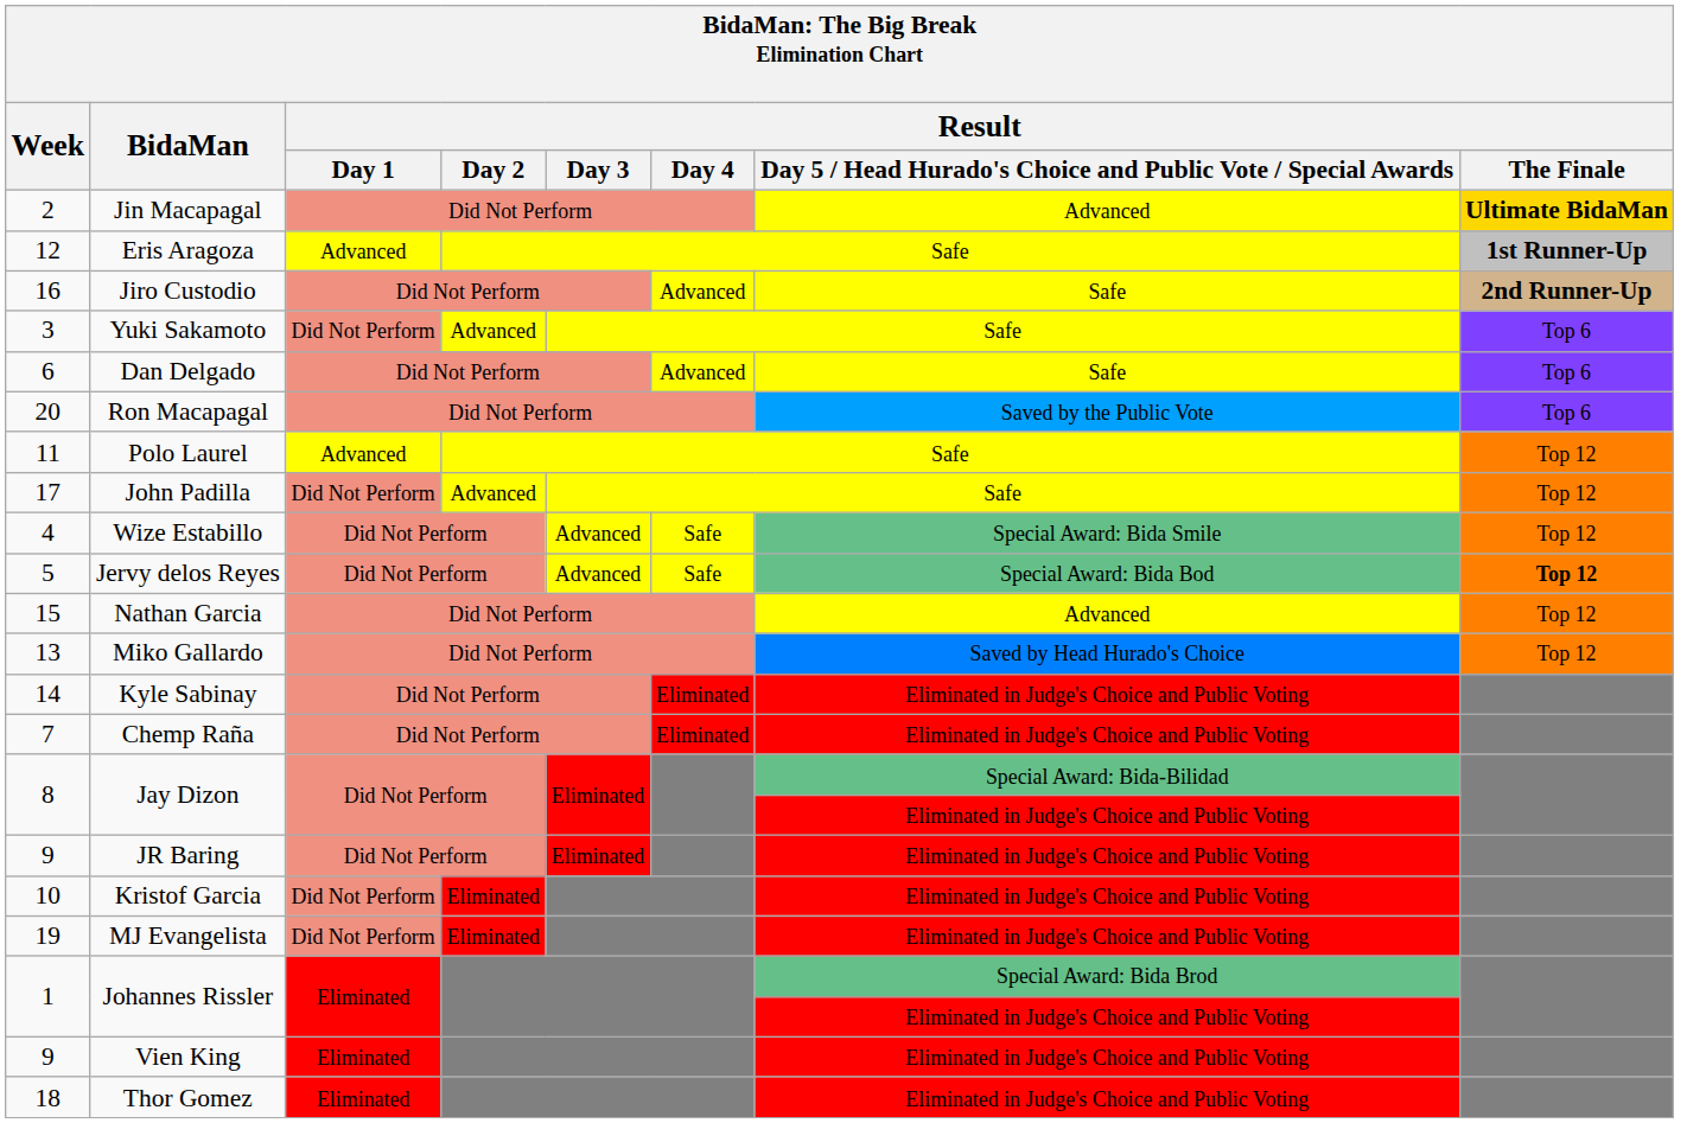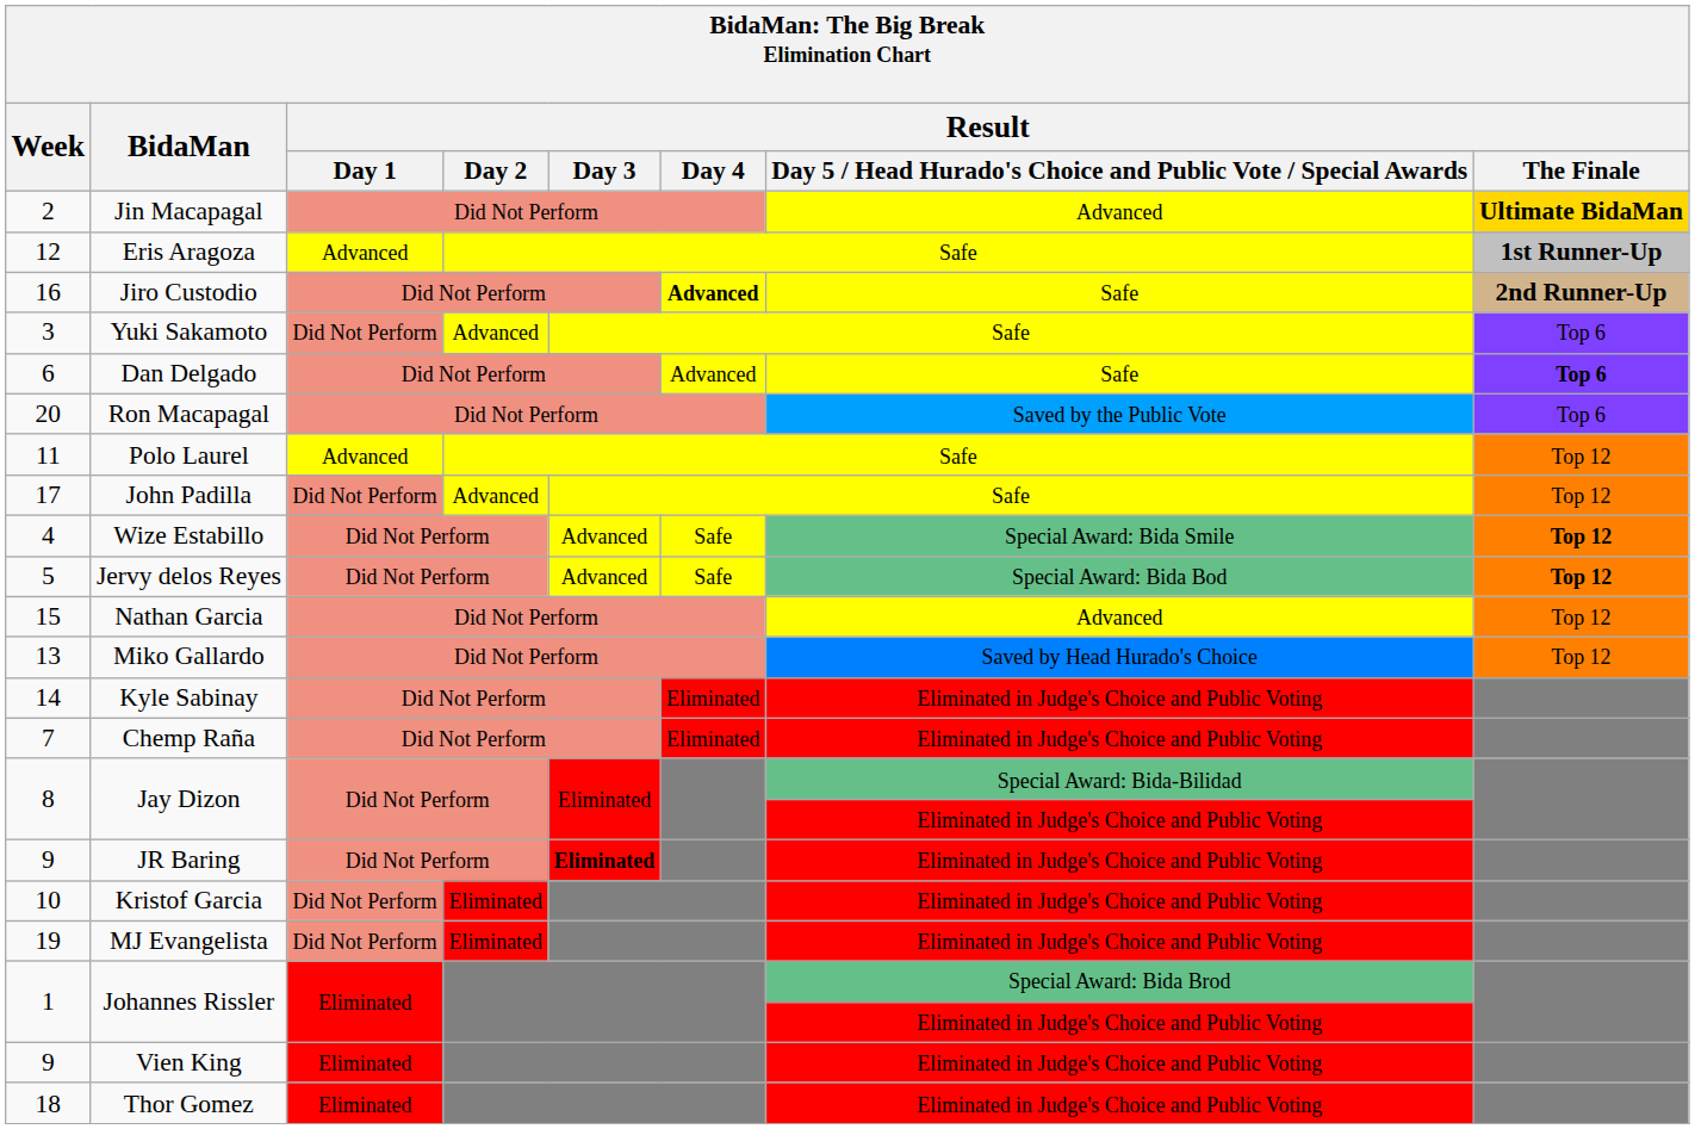 <table class="wikitable" style="text-align:center">
 <tr>
 <th colspan="8">BidaMan: The Big Break<br><small>Elimination Chart</small><br><br>          </th>
 </tr>
 <tr>
 <th rowspan="2"><big>Week</big></th>
 <th rowspan="2"><big>BidaMan</big></th>
 <th colspan="6"><big>Result<br></big></th>
 </tr>
 <tr>
 <th>Day 1</th>
 <th>Day 2</th>
 <th>Day 3</th>
 <th>Day 4</th>
 <th>Day 5 / Head Hurado's Choice and Public Vote / Special Awards</th>
 <th>The Finale</th>
 </tr>
 <tr>
 <td>2</td>
 <td>Jin Macapagal</td>
 <td colspan=4 style=background-color:#f09080><small>Did Not Perform</small></td>
 <td style=background-color:#FFFF00><small>Advanced</small></td>
 <td style=background-color:gold><strong>Ultimate BidaMan</strong></td>
 </tr>
 <tr>
 <td>12</td>
 <td>Eris Aragoza</td>
 <td style=background-color:#FFFF00><small>Advanced</small></td>
 <td colspan=4 style=background-color:#FFFF00><small>Safe</small></td>
 <td style=background-color:silver><strong>1st Runner-Up</strong></td>
 </tr>
 <tr>
 <td>16</td>
 <td>Jiro Custodio</td>
 <td colspan=3 style=background-color:#f09080><small>Did Not Perform</small></td>
-<td style=background-color:#FFFF00><small>Advanced</small></td>
+<td style=background-color:#FFFF00><strong><small>Advanced</small></strong></td>
 <td style=background-color:#FFFF00><small>Safe</small></td>
 <td style=background-color:tan><strong>2nd Runner-Up</strong></td>
 </tr>
 <tr>
 <td>3</td>
 <td>Yuki Sakamoto</td>
 <td colspan=1 style=background-color:#f09080><small>Did Not Perform</small></td>
 <td style=background-color:#FFFF00><small>Advanced</small></td>
 <td colspan=3 style=background-color:#FFFF00><small>Safe</small></td>
 <td style=background-color:#8040FF><small>Top 6</small></td>
 </tr>
 <tr>
 <td>6</td>
 <td>Dan Delgado</td>
 <td colspan=3 style=background-color:#f09080><small>Did Not Perform</small></td>
 <td style=background-color:#FFFF00><small>Advanced</small></td>
 <td style=background-color:#FFFF00><small>Safe</small></td>
-<td style=background-color:#8040FF><small>Top 6</small></td>
+<td style=background-color:#8040FF><strong><small>Top 6</small></strong></td>
 </tr>
 <tr>
 <td>20</td>
 <td>Ron Macapagal</td>
 <td colspan=4 style=background-color:#f09080><small>Did Not Perform</small></td>
 <td style=background-color:#00A0FF><small>Saved by the Public Vote</small></td>
 <td style=background-color:#8040FF><small>Top 6</small></td>
 </tr>
 <tr>
 <td>11</td>
 <td>Polo Laurel</td>
 <td style=background-color:#FFFF00><small>Advanced</small></td>
 <td colspan=4 style=background-color:#FFFF00><small>Safe</small></td>
 <td style=background-color:#FF8000><small>Top 12 </small></td>
 </tr>
 <tr>
 <td>17</td>
 <td>John Padilla</td>
 <td colspan=1 style=background-color:#f09080><small>Did Not Perform</small></td>
 <td style=background-color:#FFFF00><small>Advanced</small></td>
 <td colspan=3 style=background-color:#FFFF00><small>Safe</small></td>
 <td style=background-color:#FF8000><small>Top 12 </small></td>
 </tr>
 <tr>
 <td>4</td>
 <td>Wize Estabillo</td>
 <td colspan=2 style=background-color:#f09080><small>Did Not Perform</small></td>
 <td style=background-color:#FFFF00><small>Advanced</small></td>
 <td style="background-color:#FFFF00"><small>Safe</small></td>
 <td style=background-color:#64c088><small>Special Award: Bida Smile</small></td>
-<td style="background-color:#FF8000"><small>Top 12 </small></td>
+<td style="background-color:#FF8000"><strong><small>Top 12 </small></strong></td>
 </tr>
 <tr>
 <td>5</td>
 <td>Jervy delos Reyes</td>
 <td colspan=2 style=background-color:#f09080><small>Did Not Perform</small></td>
 <td style=background-color:#FFFF00><small>Advanced</small></td>
 <td style="background-color:#FFFF00"><small>Safe</small></td>
 <td style=background-color:#64c088><small>Special Award: Bida Bod</small></td>
 <td style="background-color:#FF8000"><strong><small>Top 12 </small></strong></td>
 </tr>
 <tr>
 <td>15</td>
 <td>Nathan Garcia</td>
 <td colspan=4 style=background-color:#f09080><small>Did Not Perform</small></td>
 <td style=background-color:#FFFF00><small>Advanced</small></td>
 <td style=background-color:#FF8000><small>Top 12 </small></td>
 </tr>
 <tr>
 <td>13</td>
 <td>Miko Gallardo</td>
 <td colspan=4 style=background-color:#f09080><small>Did Not Perform</small></td>
 <td style=background-color:#0080FF><small>Saved by Head Hurado's Choice</small></td>
 <td style=background-color:#FF8000><small>Top 12 </small></td>
 </tr>
 <tr>
 <td>14</td>
 <td>Kyle Sabinay</td>
 <td colspan=3 style=background-color:#f09080><small>Did Not Perform</small></td>
 <td style=background-color:#FF0000><small>Eliminated</small></td>
 <td style=background-color:#FF0000><small>Eliminated in Judge's Choice and Public Voting</small></td>
 <td style=background-color:#808080></td>
 </tr>
 <tr>
 <td>7</td>
 <td>Chemp Raña</td>
 <td colspan=3 style=background-color:#f09080><small>Did Not Perform</small></td>
 <td style=background-color:#FF0000><small>Eliminated</small></td>
 <td style=background-color:#FF0000><small>Eliminated in Judge's Choice and Public Voting</small></td>
 <td style=background-color:#808080></td>
 </tr>
 <tr>
 <td rowspan="2">8</td>
 <td rowspan="2">Jay Dizon</td>
 <td colspan="2" rowspan="2" style=background-color:#f09080><small>Did Not Perform</small></td>
 <td rowspan="2" style=background-color:#FF0000><small>Eliminated</small></td>
 <td rowspan="2" style=background-color:#808080></td>
 <td style=background-color:#64c088><small>Special Award: Bida-Bilidad</small></td>
 <td rowspan="2" style=background-color:#808080></td>
 </tr>
 <tr>
 <td style="background-color:#FF0000"><small>Eliminated in Judge's Choice and Public Voting</small></td>
 </tr>
 <tr>
 <td>9</td>
 <td>JR Baring</td>
 <td colspan=2 style=background-color:#f09080><small>Did Not Perform</small></td>
-<td style=background-color:#FF0000><small>Eliminated</small></td>
+<td style=background-color:#FF0000><strong><small>Eliminated</small></strong></td>
 <td style=background-color:#808080></td>
 <td style=background-color:#FF0000><small>Eliminated in Judge's Choice and Public Voting</small></td>
 <td style=background-color:#808080></td>
 </tr>
 <tr>
 <td>10</td>
 <td>Kristof Garcia</td>
 <td colspan=1 style=background-color:#f09080><small>Did Not Perform</small></td>
 <td style=background-color:#FF0000><small>Eliminated</small></td>
 <td colspan=2 style=background-color:#808080></td>
 <td style=background-color:#FF0000><small>Eliminated in Judge's Choice and Public Voting</small></td>
 <td style=background-color:#808080></td>
 </tr>
 <tr>
 <td>19</td>
 <td>MJ Evangelista</td>
 <td colspan=1 style=background-color:#f09080><small>Did Not Perform</small></td>
 <td style=background-color:#FF0000><small>Eliminated</small></td>
 <td colspan=2 style=background-color:#808080></td>
 <td style=background-color:#FF0000><small>Eliminated in Judge's Choice and Public Voting</small></td>
 <td style=background-color:#808080></td>
 </tr>
 <tr>
 <td rowspan="2">1</td>
 <td rowspan="2">Johannes Rissler</td>
 <td rowspan="2" style="background-color:#FF0000"><small>Eliminated</small></td>
 <td colspan="3" rowspan="2" style=background-color:#808080></td>
 <td style=background-color:#64c088><small>Special Award: Bida Brod</small></td>
 <td rowspan="2" style=background-color:#808080></td>
 </tr>
 <tr>
 <td style="background-color:#FF0000"><small>Eliminated in Judge's Choice and Public Voting</small></td>
 </tr>
 <tr>
 <td>9</td>
 <td>Vien King</td>
 <td style=background-color:#FF0000><small>Eliminated</small></td>
 <td colspan=3 style=background-color:#808080></td>
 <td style=background-color:#FF0000><small>Eliminated in Judge's Choice and Public Voting</small></td>
 <td style=background-color:#808080></td>
 </tr>
 <tr>
 <td>18</td>
 <td>Thor Gomez</td>
 <td style=background-color:#FF0000><small>Eliminated</small></td>
 <td colspan=3 style=background-color:#808080></td>
 <td style=background-color:#FF0000><small>Eliminated in Judge's Choice and Public Voting</small></td>
 <td style=background-color:#808080></td>
 </tr>
 <tr>
 </tr>
 </table>
